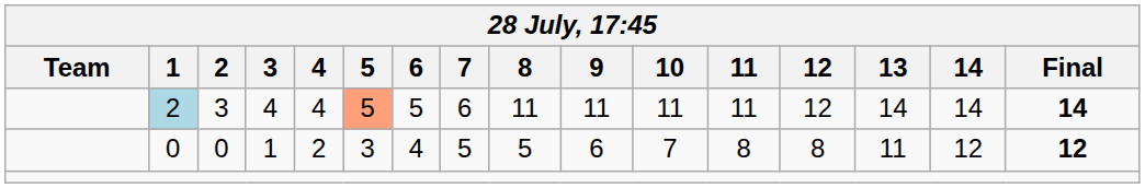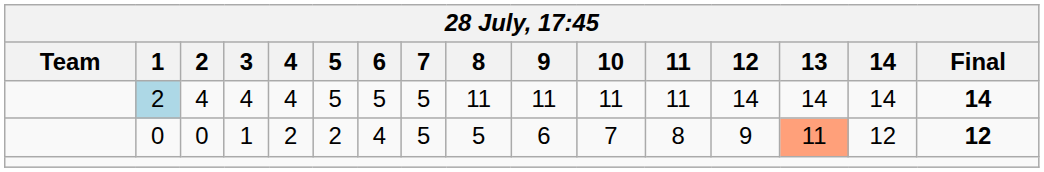 <table class=wikitable style="text-align:center; width: 55%">
 <tr>
 <th colspan=17><em>28 July, 17:45</em></th>
 </tr>
 <tr>
 <th>Team</th>
 <th>1</th>
 <th>2</th>
 <th>3</th>
 <th>4</th>
 <th>5</th>
 <th>6</th>
 <th>7</th>
 <th>8</th>
 <th>9</th>
 <th>10</th>
 <th>11</th>
 <th>12</th>
 <th>13</th>
 <th>14</th>
 <th>Final</th>
 </tr>
 <tr>
 <td align=left><strong></strong></td>
 <td style="background: lightblue;">2</td>
-<td>3</td>
 <td>4</td>
 <td>4</td>
-<td style="background: lightsalmon;">5</td>
+<td>4</td>
 <td>5</td>
-<td>6</td>
+<td>5</td>
+<td>5</td>
 <td>11</td>
 <td>11</td>
 <td>11</td>
 <td>11</td>
-<td>12</td>
+<td>14</td>
 <td>14</td>
 <td>14</td>
 <td><strong>14</strong></td>
 </tr>
 <tr>
 <td align=left></td>
 <td>0</td>
 <td>0</td>
 <td>1</td>
 <td>2</td>
-<td>3</td>
+<td>2</td>
 <td>4</td>
 <td>5</td>
 <td>5</td>
 <td>6</td>
 <td>7</td>
 <td>8</td>
-<td>8</td>
-<td>11</td>
+<td>9</td>
+<td style="background: lightsalmon;">11</td>
 <td>12</td>
 <td><strong>12</strong></td>
 </tr>
 <tr>
 <td colspan=17></td>
 </tr>
 </table>
